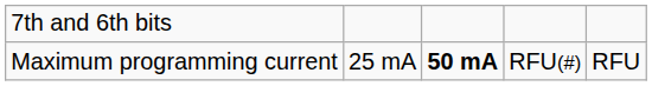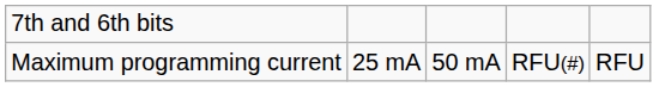 <table class="wikitable">
 <tr>
 <td>7th and 6th bits</td>
 <td></td>
 <td></td>
 <td></td>
 <td></td>
 </tr>
 <tr>
 <td>Maximum programming current</td>
 <td>25 mA</td>
-<td><strong>50 mA</strong></td>
+<td>50 mA</td>
 <td>RFU<small>(#)</small></td>
 <td>RFU</td>
 </tr>
 </table>
